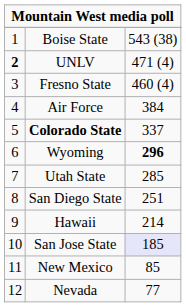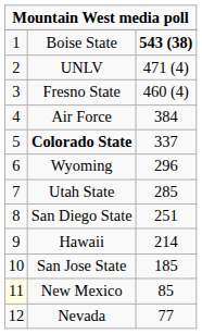 <table class="wikitable" style="display: inline-table;">
 <tr>
 <td align="center" Colspan="3"><strong>Mountain West media poll</strong></td>
 </tr>
 <tr align="center">
 </tr>
 <tr align="center">
 <td>1</td>
 <td>Boise State</td>
-<td>543 (38)</td>
+<td><strong>543 (38)</strong></td>
 </tr>
 <tr align="center">
-<td><strong>2</strong></td>
+<td>2</td>
 <td>UNLV</td>
 <td>471 (4)</td>
 </tr>
 <tr align="center">
 <td>3</td>
 <td>Fresno State</td>
 <td>460 (4)</td>
 </tr>
 <tr align="center">
 <td>4</td>
 <td>Air Force</td>
 <td>384</td>
 </tr>
 <tr align="center">
 <td>5</td>
 <td><strong>Colorado State</strong></td>
 <td>337</td>
 </tr>
 <tr align="center">
 <td>6</td>
 <td>Wyoming</td>
-<td><strong>296</strong></td>
+<td>296</td>
 </tr>
 <tr align="center">
 <td>7</td>
 <td>Utah State</td>
 <td>285</td>
 </tr>
 <tr align="center">
 <td>8</td>
 <td>San Diego State</td>
 <td>251</td>
 </tr>
 <tr align="center">
 <td>9</td>
 <td>Hawaii</td>
 <td>214</td>
 </tr>
 <tr align="center">
 <td>10</td>
 <td>San Jose State</td>
-<td style="background: lavender;">185</td>
+<td>185</td>
 </tr>
 <tr align="center">
-<td>11</td>
+<td style="background: lightyellow;">11</td>
 <td>New Mexico</td>
 <td>85</td>
 </tr>
 <tr align="center">
 <td>12</td>
 <td>Nevada</td>
 <td>77</td>
 </tr>
 </table>
